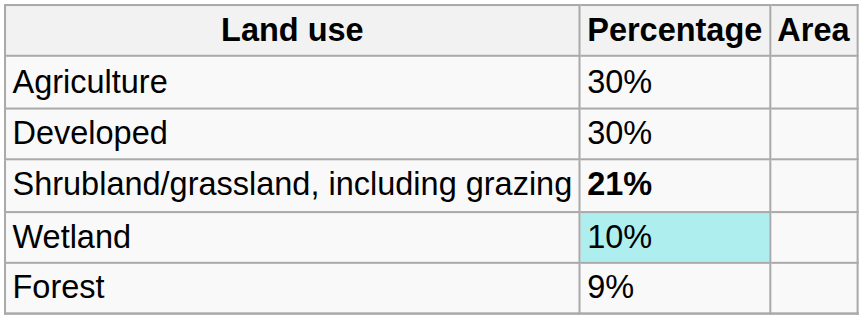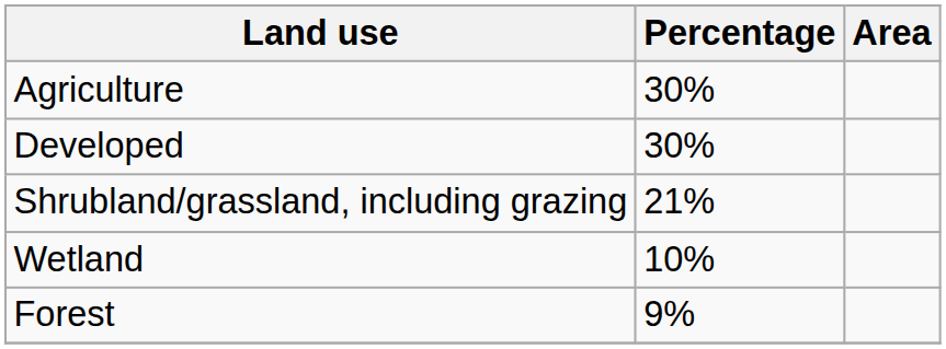 <table class="wikitable" border="1">
 <tr>
 <th>Land use</th>
 <th>Percentage</th>
 <th>Area</th>
 </tr>
 <tr>
 <td>Agriculture</td>
 <td>30%</td>
 <td></td>
 </tr>
 <tr>
 <td>Developed</td>
 <td>30%</td>
 <td></td>
 </tr>
 <tr>
 <td>Shrubland/grassland, including grazing</td>
-<td><strong>21%</strong></td>
+<td>21%</td>
 <td></td>
 </tr>
 <tr>
 <td>Wetland</td>
-<td style="background: paleturquoise;">10%</td>
+<td>10%</td>
 <td></td>
 </tr>
 <tr>
 <td>Forest</td>
 <td>9%</td>
 <td></td>
 </tr>
 <tr>
 </tr>
 </table>
